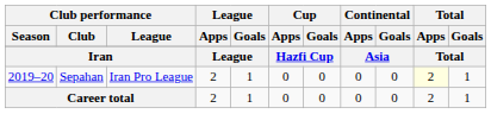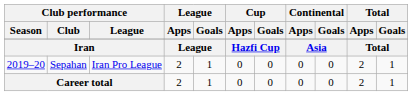 <table class="wikitable" style="text-align:center">
 <tr>
 <th colspan=3>Club performance</th>
 <th colspan=2>League</th>
 <th colspan=2>Cup</th>
 <th colspan=2>Continental</th>
 <th colspan=2>Total</th>
 </tr>
 <tr>
 <th>Season</th>
 <th>Club</th>
 <th>League</th>
 <th>Apps</th>
 <th>Goals</th>
 <th>Apps</th>
 <th>Goals</th>
 <th>Apps</th>
 <th>Goals</th>
 <th>Apps</th>
 <th>Goals</th>
 </tr>
 <tr>
 </tr>
 <tr>
 <th colspan=3>Iran</th>
 <th colspan=2>League</th>
 <th colspan=2><a href='#'>Hazfi Cup</a></th>
 <th colspan=2><a href='#'>Asia</a></th>
 <th colspan=2>Total</th>
 </tr>
 <tr>
 <td><a href='#'>2019–20</a></td>
 <td rowspan="1"><a href='#'>Sepahan</a></td>
 <td rowspan="1"><a href='#'>Iran Pro League</a></td>
 <td>2</td>
 <td>1</td>
 <td>0</td>
 <td>0</td>
 <td>0</td>
 <td>0</td>
-<td style="background: lightyellow;">2</td>
+<td>2</td>
 <td>1</td>
 </tr>
 <tr>
 <th colspan=3>Career total</th>
 <td>2</td>
 <td>1</td>
 <td>0</td>
 <td>0</td>
 <td>0</td>
 <td>0</td>
 <td>2</td>
 <td>1</td>
 </tr>
 </table>
